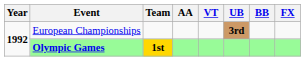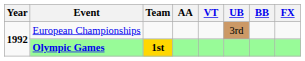 <table class="wikitable" style="text-align:center; font-size: 95%;">
 <tr>
 <th>Year</th>
 <th>Event</th>
 <th style="width:30px;">Team</th>
 <th style="width:30px;">AA</th>
 <th style="width:30px;"><a href='#'>VT</a></th>
 <th style="width:30px;"><a href='#'>UB</a></th>
 <th style="width:30px;"><a href='#'>BB</a></th>
 <th style="width:30px;"><a href='#'>FX</a></th>
 </tr>
 <tr>
 <td rowspan="2"><strong>1992</strong></td>
 <td align=left><a href='#'>European Championships</a></td>
 <td></td>
 <td></td>
 <td></td>
-<td style="background:#c96;"><strong>3rd</strong></td>
+<td style="background:#c96;">3rd</td>
 <td></td>
 <td></td>
 </tr>
 <tr bgcolor=98FB98>
 <td align=left><strong><a href='#'>Olympic Games</a></strong></td>
 <td style="background: gold"><strong>1st</strong></td>
 <td></td>
 <td></td>
 <td></td>
 <td></td>
 <td></td>
 </tr>
 </table>
